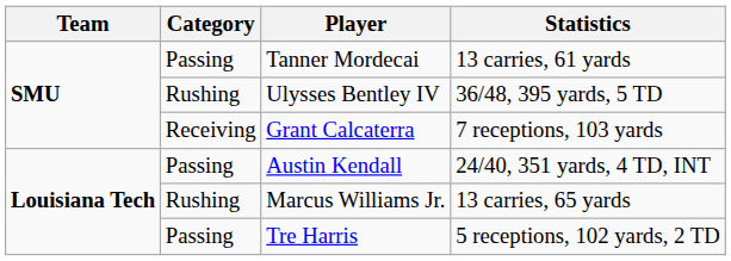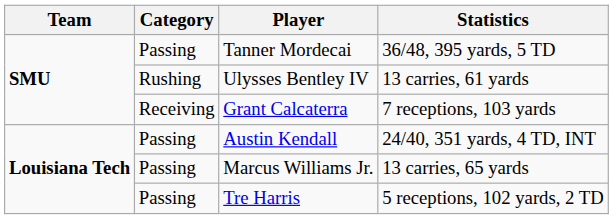 <table class="wikitable" style="float: left;">
 <tr>
 <th>Team</th>
 <th>Category</th>
 <th>Player</th>
 <th>Statistics</th>
 </tr>
 <tr>
 <td rowspan=3><strong>SMU</strong></td>
 <td>Passing</td>
 <td>Tanner Mordecai</td>
-<td>13 carries, 61 yards</td>
+<td>36/48, 395 yards, 5 TD</td>
 </tr>
 <tr>
 <td>Rushing</td>
 <td>Ulysses Bentley IV</td>
-<td>36/48, 395 yards, 5 TD</td>
+<td>13 carries, 61 yards</td>
 </tr>
 <tr>
 <td>Receiving</td>
 <td><a href='#'>Grant Calcaterra</a></td>
 <td>7 receptions, 103 yards</td>
 </tr>
 <tr>
 <td rowspan=3><strong>Louisiana Tech</strong></td>
 <td>Passing</td>
 <td><a href='#'>Austin Kendall</a></td>
 <td>24/40, 351 yards, 4 TD, INT</td>
 </tr>
 <tr>
-<td>Rushing</td>
+<td>Passing</td>
 <td>Marcus Williams Jr.</td>
 <td>13 carries, 65 yards</td>
 </tr>
 <tr>
 <td>Passing</td>
 <td><a href='#'>Tre Harris</a></td>
 <td>5 receptions, 102 yards, 2 TD</td>
 </tr>
 </table>
